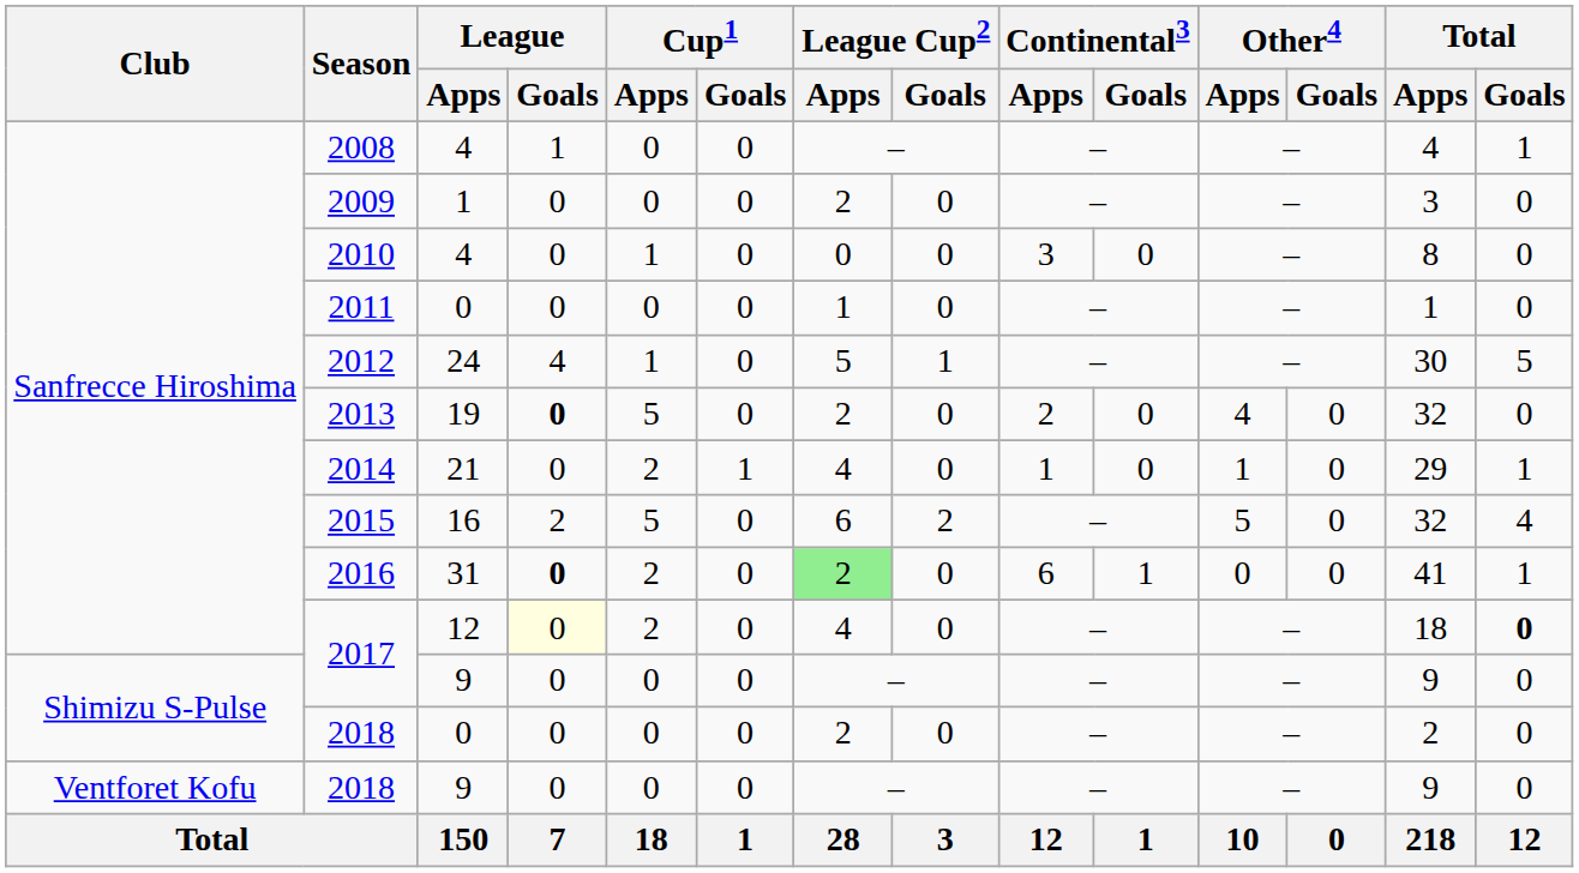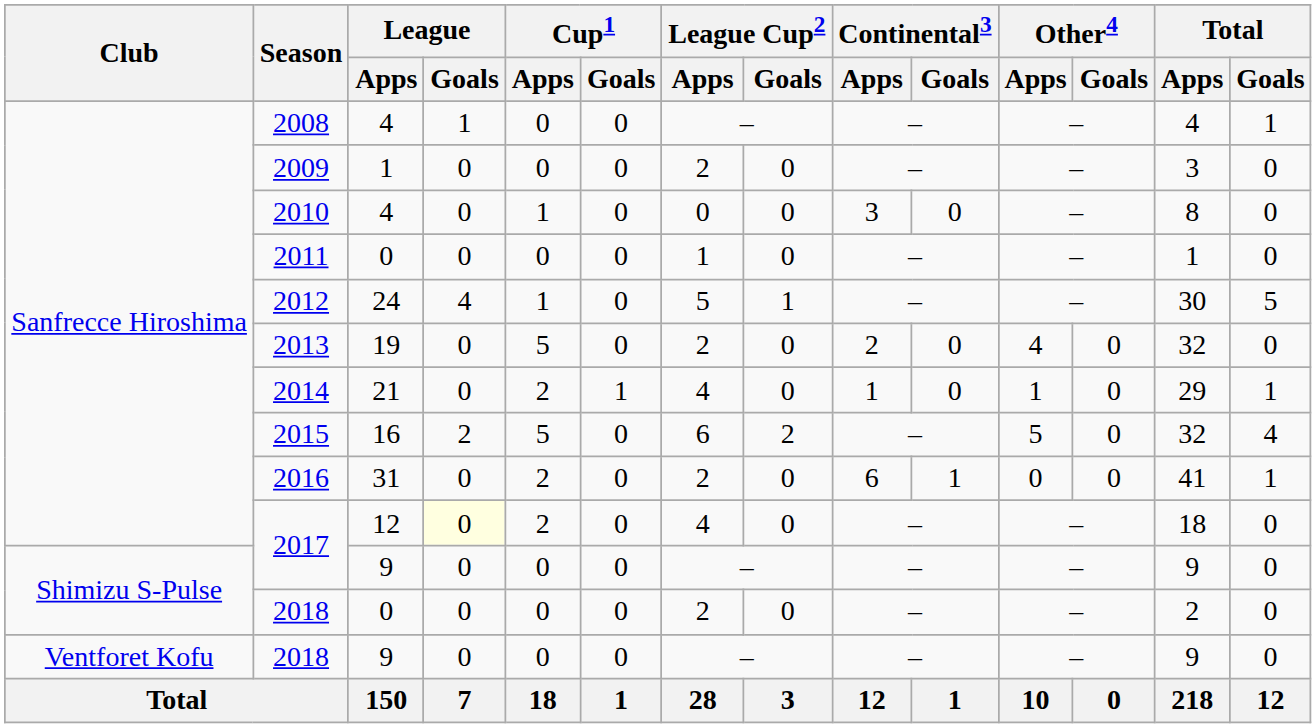 <table class="wikitable" style="text-align:center;">
 <tr>
 <th rowspan="2">Club</th>
 <th rowspan="2">Season</th>
 <th colspan="2">League</th>
 <th colspan="2">Cup<sup><a href='#'>1</a></sup></th>
 <th colspan="2">League Cup<sup><a href='#'>2</a></sup></th>
 <th colspan="2">Continental<sup><a href='#'>3</a></sup></th>
 <th colspan="2">Other<sup><a href='#'>4</a></sup></th>
 <th colspan="2">Total</th>
 </tr>
 <tr>
 <th>Apps</th>
 <th>Goals</th>
 <th>Apps</th>
 <th>Goals</th>
 <th>Apps</th>
 <th>Goals</th>
 <th>Apps</th>
 <th>Goals</th>
 <th>Apps</th>
 <th>Goals</th>
 <th>Apps</th>
 <th>Goals</th>
 </tr>
 <tr>
 <td rowspan="10"><a href='#'>Sanfrecce Hiroshima</a></td>
 <td><a href='#'>2008</a></td>
 <td>4</td>
 <td>1</td>
 <td>0</td>
 <td>0</td>
 <td colspan="2">–</td>
 <td colspan="2">–</td>
 <td colspan="2">–</td>
 <td>4</td>
 <td>1</td>
 </tr>
 <tr>
 <td><a href='#'>2009</a></td>
 <td>1</td>
 <td>0</td>
 <td>0</td>
 <td>0</td>
 <td>2</td>
 <td>0</td>
 <td colspan="2">–</td>
 <td colspan="2">–</td>
 <td>3</td>
 <td>0</td>
 </tr>
 <tr>
 <td><a href='#'>2010</a></td>
 <td>4</td>
 <td>0</td>
 <td>1</td>
 <td>0</td>
 <td>0</td>
 <td>0</td>
 <td>3</td>
 <td>0</td>
 <td colspan="2">–</td>
 <td>8</td>
 <td>0</td>
 </tr>
 <tr>
 <td><a href='#'>2011</a></td>
 <td>0</td>
 <td>0</td>
 <td>0</td>
 <td>0</td>
 <td>1</td>
 <td>0</td>
 <td colspan="2">–</td>
 <td colspan="2">–</td>
 <td>1</td>
 <td>0</td>
 </tr>
 <tr>
 <td><a href='#'>2012</a></td>
 <td>24</td>
 <td>4</td>
 <td>1</td>
 <td>0</td>
 <td>5</td>
 <td>1</td>
 <td colspan="2">–</td>
 <td colspan="2">–</td>
 <td>30</td>
 <td>5</td>
 </tr>
 <tr>
 <td><a href='#'>2013</a></td>
 <td>19</td>
-<td><strong>0</strong></td>
+<td>0</td>
 <td>5</td>
 <td>0</td>
 <td>2</td>
 <td>0</td>
 <td>2</td>
 <td>0</td>
 <td>4</td>
 <td>0</td>
 <td>32</td>
 <td>0</td>
 </tr>
 <tr>
 <td><a href='#'>2014</a></td>
 <td>21</td>
 <td>0</td>
 <td>2</td>
 <td>1</td>
 <td>4</td>
 <td>0</td>
 <td>1</td>
 <td>0</td>
 <td>1</td>
 <td>0</td>
 <td>29</td>
 <td>1</td>
 </tr>
 <tr>
 <td><a href='#'>2015</a></td>
 <td>16</td>
 <td>2</td>
 <td>5</td>
 <td>0</td>
 <td>6</td>
 <td>2</td>
 <td colspan="2">–</td>
 <td>5</td>
 <td>0</td>
 <td>32</td>
 <td>4</td>
 </tr>
 <tr>
 <td><a href='#'>2016</a></td>
 <td>31</td>
-<td><strong>0</strong></td>
+<td>0</td>
 <td>2</td>
 <td>0</td>
-<td style="background: lightgreen;">2</td>
+<td>2</td>
 <td>0</td>
 <td>6</td>
 <td>1</td>
 <td>0</td>
 <td>0</td>
 <td>41</td>
 <td>1</td>
 </tr>
 <tr>
 <td rowspan="2"><a href='#'>2017</a></td>
 <td>12</td>
 <td style="background: lightyellow;">0</td>
 <td>2</td>
 <td>0</td>
 <td>4</td>
 <td>0</td>
 <td colspan="2">–</td>
 <td colspan="2">–</td>
 <td>18</td>
-<td><strong>0</strong></td>
+<td>0</td>
 </tr>
 <tr>
 <td rowspan="2"><a href='#'>Shimizu S-Pulse</a></td>
 <td>9</td>
 <td>0</td>
 <td>0</td>
 <td>0</td>
 <td colspan="2">–</td>
 <td colspan="2">–</td>
 <td colspan="2">–</td>
 <td>9</td>
 <td>0</td>
 </tr>
 <tr>
 <td><a href='#'>2018</a></td>
 <td>0</td>
 <td>0</td>
 <td>0</td>
 <td>0</td>
 <td>2</td>
 <td>0</td>
 <td colspan="2">–</td>
 <td colspan="2">–</td>
 <td>2</td>
 <td>0</td>
 </tr>
 <tr>
 <td><a href='#'>Ventforet Kofu</a></td>
 <td><a href='#'>2018</a></td>
 <td>9</td>
 <td>0</td>
 <td>0</td>
 <td>0</td>
 <td colspan="2">–</td>
 <td colspan="2">–</td>
 <td colspan="2">–</td>
 <td>9</td>
 <td>0</td>
 </tr>
 <tr>
 <th colspan="2">Total</th>
 <th>150</th>
 <th>7</th>
 <th>18</th>
 <th>1</th>
 <th>28</th>
 <th>3</th>
 <th>12</th>
 <th>1</th>
 <th>10</th>
 <th>0</th>
 <th>218</th>
 <th>12</th>
 </tr>
 </table>
